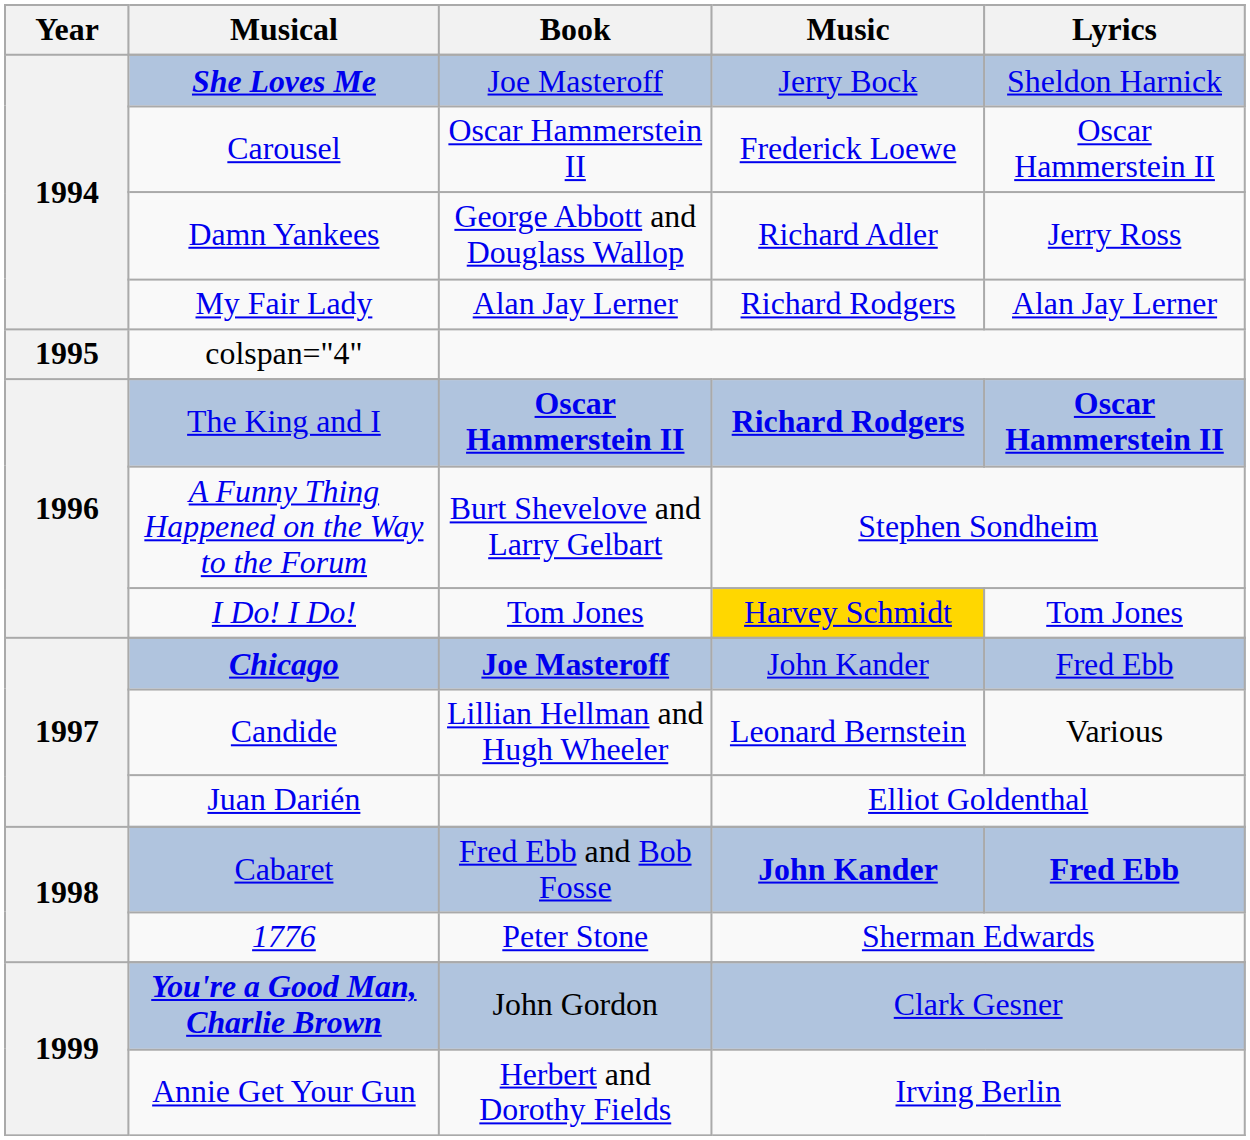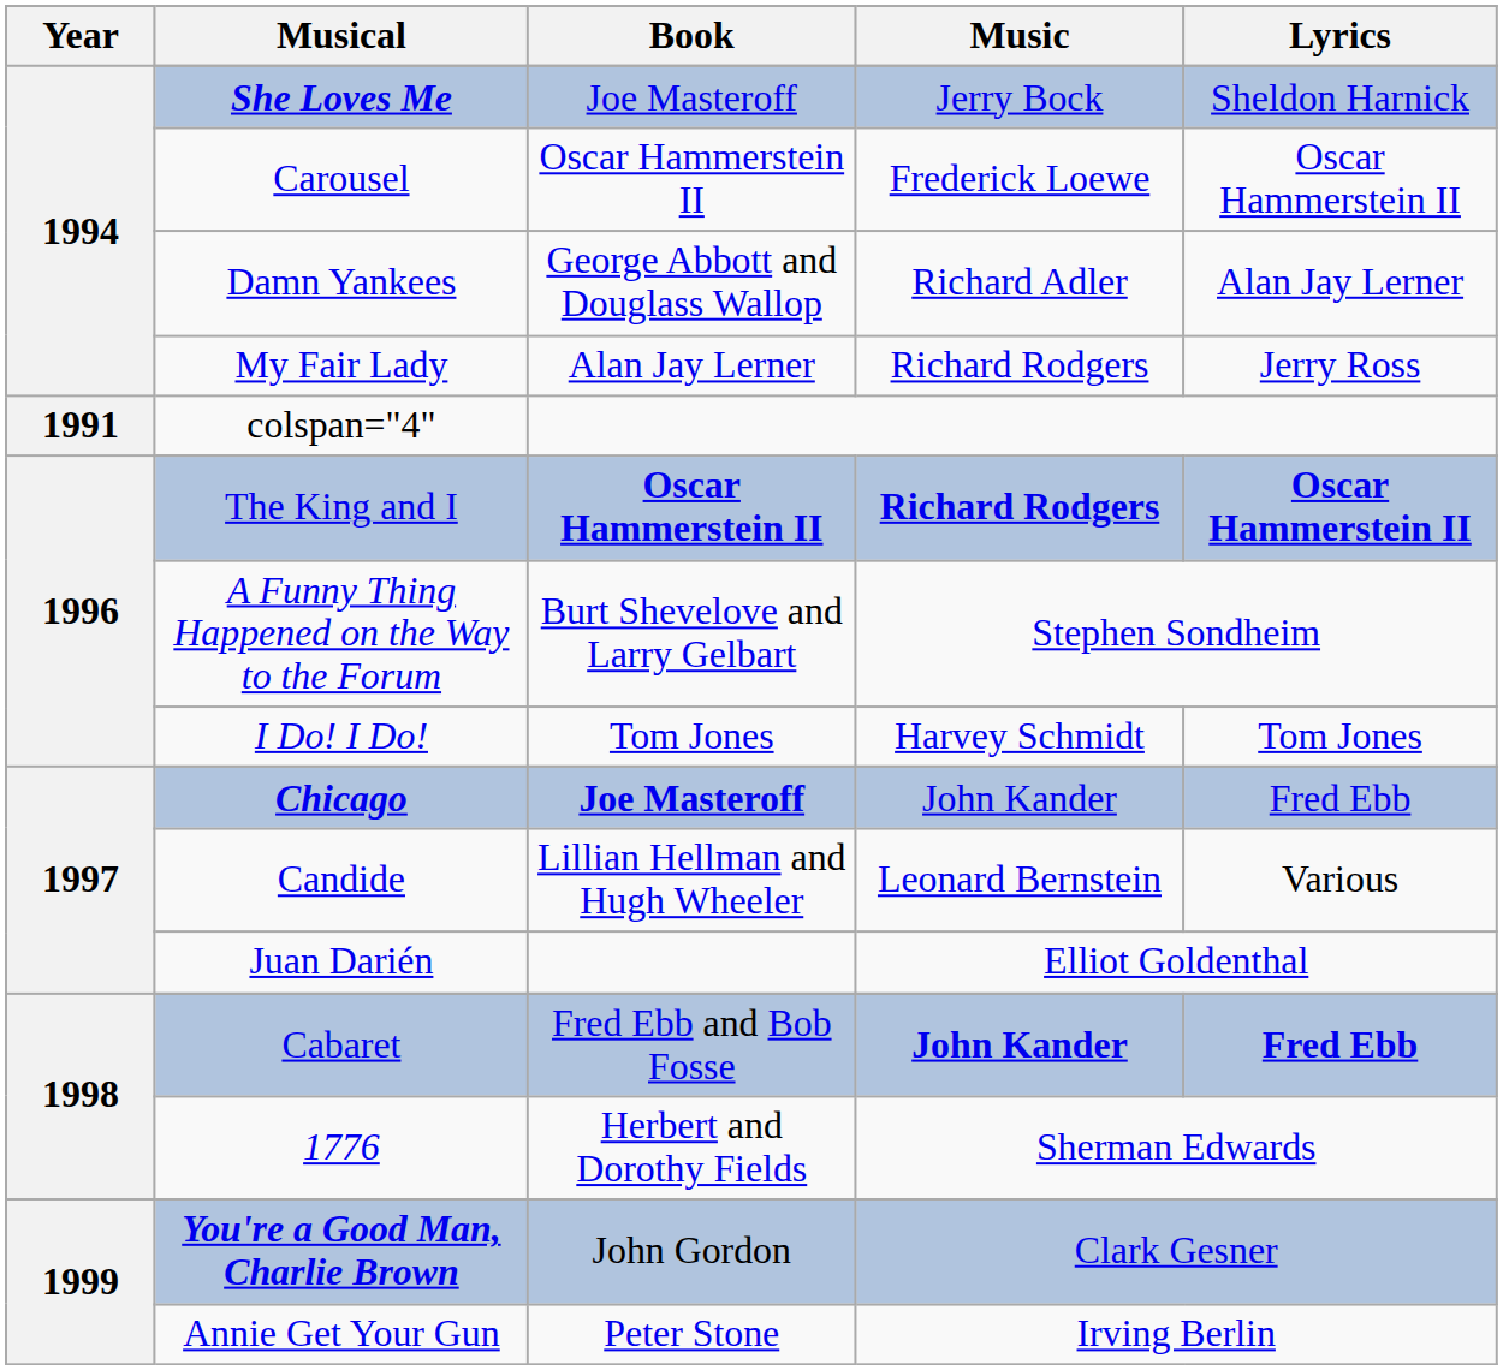 <table class="wikitable" style="width:100%; text-align:center;">
 <tr style="background:#bebebe;">
 <th style="width:10%;">Year</th>
 <th style="width:25%;">Musical</th>
 <th style="width:22%;">Book</th>
 <th style="width:22%;">Music</th>
 <th style="width:22%;">Lyrics</th>
 </tr>
 <tr>
 <th rowspan="5">1994</th>
 </tr>
 <tr style="background:#B0C4DE">
 <td><strong><em><a href='#'>She Loves Me</a><em> <strong></td>
 <td></strong><a href='#'>Joe Masteroff</a><strong></td>
 <td></strong><a href='#'>Jerry Bock</a><strong></td>
 <td></strong><a href='#'>Sheldon Harnick</a><strong></td>
 </tr>
 <tr>
 <td></em><a href='#'>Carousel</a><em></td>
 <td><a href='#'>Oscar Hammerstein II</a></td>
 <td><a href='#'>Frederick Loewe</a></td>
 <td><a href='#'>Oscar Hammerstein II</a></td>
 </tr>
 <tr>
 <td></em><a href='#'>Damn Yankees</a><em></td>
 <td><a href='#'>George Abbott</a> and <a href='#'>Douglass Wallop</a></td>
 <td><a href='#'>Richard Adler</a></td>
-<td><a href='#'>Jerry Ross</a></td>
+<td><a href='#'>Alan Jay Lerner</a></td>
 </tr>
 <tr>
 <td></em><a href='#'>My Fair Lady</a><em></td>
 <td><a href='#'>Alan Jay Lerner</a></td>
 <td><a href='#'>Richard Rodgers</a></td>
-<td><a href='#'>Alan Jay Lerner</a></td>
+<td><a href='#'>Jerry Ross</a></td>
 </tr>
 <tr>
-<th>1995</th>
+<th>1991</th>
 <td>colspan="4" </td>
 </tr>
 <tr>
 <th rowspan="4">1996</th>
 </tr>
 <tr style="background:#B0C4DE">
 <td></em></strong><a href='#'>The King and I</a></em> </strong></td>
 <td><strong><a href='#'>Oscar Hammerstein II</a></strong></td>
 <td><strong><a href='#'>Richard Rodgers</a></strong></td>
 <td><strong><a href='#'>Oscar Hammerstein II</a></strong></td>
 </tr>
 <tr>
 <td><em><a href='#'>A Funny Thing Happened on the Way to the Forum</a></em></td>
 <td><a href='#'>Burt Shevelove</a> and <a href='#'>Larry Gelbart</a></td>
 <td colspan="2"><a href='#'>Stephen Sondheim</a></td>
 </tr>
 <tr>
 <td><em><a href='#'>I Do! I Do!</a></em></td>
 <td><a href='#'>Tom Jones</a></td>
-<td style="background: gold;"><a href='#'>Harvey Schmidt</a></td>
+<td><a href='#'>Harvey Schmidt</a></td>
 <td><a href='#'>Tom Jones</a></td>
 </tr>
 <tr>
 <th rowspan="4">1997</th>
 </tr>
 <tr style="background:#B0C4DE">
 <td><strong><em><a href='#'>Chicago</a><em> <strong></td>
 <td><strong><a href='#'>Joe Masteroff</a></strong></td>
 <td></strong><a href='#'>John Kander</a><strong></td>
 <td></strong><a href='#'>Fred Ebb</a><strong></td>
 </tr>
 <tr>
 <td></em><a href='#'>Candide</a><em></td>
 <td><a href='#'>Lillian Hellman</a> and <a href='#'>Hugh Wheeler</a></td>
 <td><a href='#'>Leonard Bernstein</a></td>
 <td>Various</td>
 </tr>
 <tr>
 <td></em><a href='#'>Juan Darién</a><em></td>
 <td></td>
 <td colspan="2"><a href='#'>Elliot Goldenthal</a></td>
 </tr>
 <tr>
 <th rowspan="3">1998</th>
 </tr>
 <tr style="background:#B0C4DE">
 <td></em></strong><a href='#'>Cabaret</a></em> </strong></td>
 <td></strong><a href='#'>Fred Ebb</a> and <a href='#'>Bob Fosse</a><strong></td>
 <td><strong><a href='#'>John Kander</a></strong></td>
 <td><strong><a href='#'>Fred Ebb</a></strong></td>
 </tr>
 <tr>
 <td><em><a href='#'>1776</a></em></td>
-<td><a href='#'>Peter Stone</a></td>
+<td><a href='#'>Herbert</a> and <a href='#'>Dorothy Fields</a></td>
 <td colspan="2"><a href='#'>Sherman Edwards</a></td>
 </tr>
 <tr>
 <th rowspan="3">1999</th>
 </tr>
 <tr style="background:#B0C4DE">
 <td><strong><em><a href='#'>You're a Good Man, Charlie Brown</a><em> <strong></td>
 <td></strong>John Gordon<strong></td>
 <td colspan="2"></strong><a href='#'>Clark Gesner</a><strong></td>
 </tr>
 <tr>
 <td></em><a href='#'>Annie Get Your Gun</a><em></td>
-<td><a href='#'>Herbert</a> and <a href='#'>Dorothy Fields</a></td>
+<td><a href='#'>Peter Stone</a></td>
 <td colspan="2"><a href='#'>Irving Berlin</a></td>
 </tr>
 </table>
